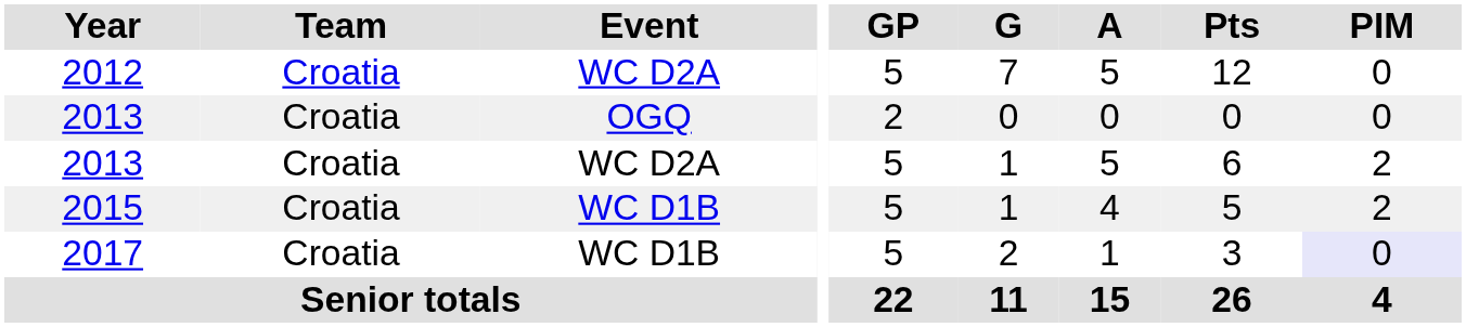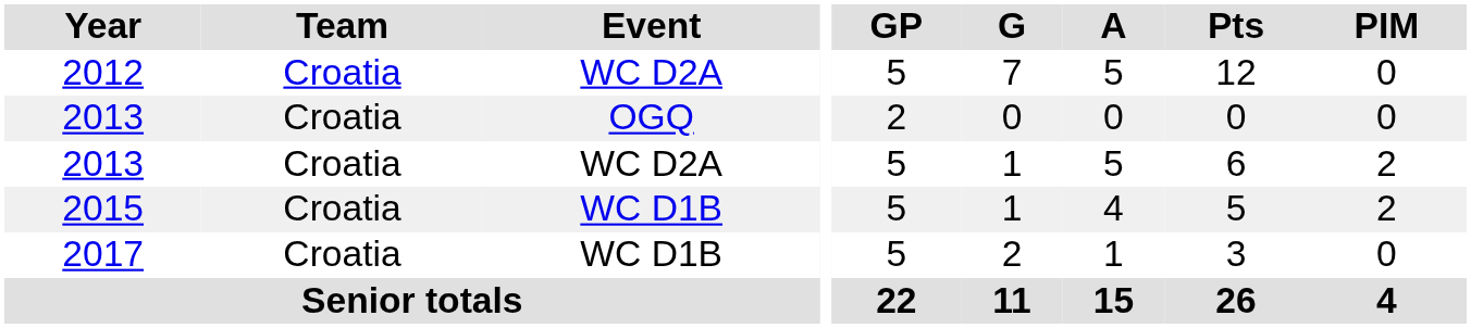 <table border="0" cellpadding="1" cellspacing="0" ID="Table3" style="text-align:center; width:40em">
 <tr ALIGN="center" bgcolor="#e0e0e0">
 <th>Year</th>
 <th>Team</th>
 <th>Event</th>
 <th rowspan="99" bgcolor="#ffffff"></th>
 <th>GP</th>
 <th>G</th>
 <th>A</th>
 <th>Pts</th>
 <th>PIM</th>
 </tr>
 <tr>
 <td><a href='#'>2012</a></td>
 <td><a href='#'>Croatia</a></td>
 <td><a href='#'>WC D2A</a></td>
 <td>5</td>
 <td>7</td>
 <td>5</td>
 <td>12</td>
 <td>0</td>
 </tr>
 <tr bgcolor="#f0f0f0">
 <td><a href='#'>2013</a></td>
 <td>Croatia</td>
 <td><a href='#'>OGQ</a></td>
 <td>2</td>
 <td>0</td>
 <td>0</td>
 <td>0</td>
 <td>0</td>
 </tr>
 <tr>
 <td><a href='#'>2013</a></td>
 <td>Croatia</td>
 <td>WC D2A</td>
 <td>5</td>
 <td>1</td>
 <td>5</td>
 <td>6</td>
 <td>2</td>
 </tr>
 <tr bgcolor="#f0f0f0">
 <td><a href='#'>2015</a></td>
 <td>Croatia</td>
 <td><a href='#'>WC D1B</a></td>
 <td>5</td>
 <td>1</td>
 <td>4</td>
 <td>5</td>
 <td>2</td>
 </tr>
 <tr>
 <td><a href='#'>2017</a></td>
 <td>Croatia</td>
 <td>WC D1B</td>
 <td>5</td>
 <td>2</td>
 <td>1</td>
 <td>3</td>
-<td style="background: lavender;">0</td>
+<td>0</td>
 </tr>
 <tr bgcolor="#e0e0e0">
 <th colspan=3>Senior totals</th>
 <th>22</th>
 <th>11</th>
 <th>15</th>
 <th>26</th>
 <th>4</th>
 </tr>
 </table>
